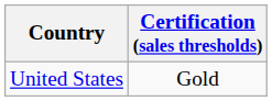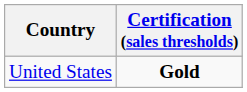 <table class="wikitable sortable">
 <tr>
 <th>Country</th>
 <th><a href='#'>Certification</a><br><small>(<a href='#'>sales thresholds</a>)</small></th>
 </tr>
 <tr>
 <td><a href='#'>United States</a></td>
-<td style="text-align:center;">Gold</td>
+<td style="text-align:center;"><strong>Gold</strong></td>
 </tr>
 </table>
